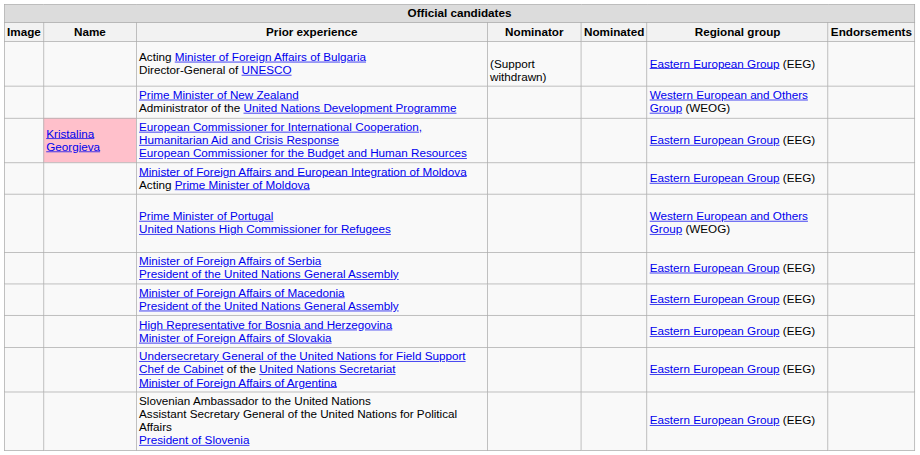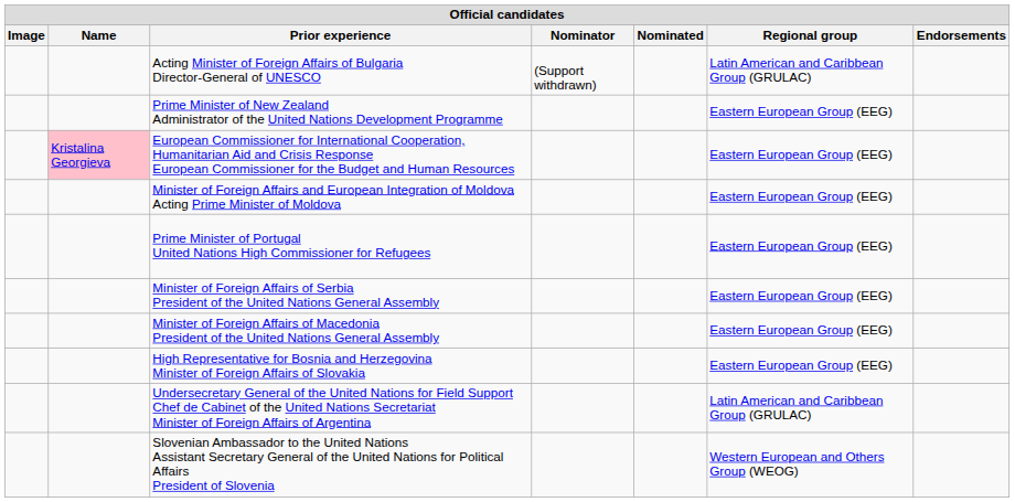 <table class="wikitable sortable">
 <tr>
 <th style="background:#DCDCDC;" colspan="7">Official candidates</th>
 </tr>
 <tr style="font-weight:bold;">
 <th class="unsortable">Image</th>
 <th>Name</th>
 <th>Prior experience</th>
 <th>Nominator</th>
 <th>Nominated</th>
 <th>Regional group</th>
 <th>Endorsements</th>
 </tr>
 <tr>
 <td></td>
 <td></td>
 <td>Acting <a href='#'>Minister of Foreign Affairs of Bulgaria</a> <br>Director-General of <a href='#'>UNESCO</a> </td>
 <td><br>(Support withdrawn)</td>
 <td></td>
-<td><a href='#'>Eastern European Group</a> (EEG)</td>
+<td><a href='#'>Latin American and Caribbean Group</a> (GRULAC)</td>
 <td></td>
 </tr>
 <tr>
 <td></td>
 <td></td>
 <td><a href='#'>Prime Minister of New Zealand</a> <br>Administrator of the <a href='#'>United Nations Development Programme</a> </td>
 <td></td>
 <td></td>
-<td><a href='#'>Western European and Others Group</a> (WEOG)</td>
+<td><a href='#'>Eastern European Group</a> (EEG)</td>
 <td></td>
 </tr>
 <tr>
 <td></td>
 <td style="background: pink;"><a href='#'>Kristalina Georgieva</a></td>
 <td><a href='#'>European Commissioner for International Cooperation, Humanitarian Aid and Crisis Response</a> <br><a href='#'>European Commissioner for the Budget and Human Resources</a> </td>
 <td></td>
 <td></td>
 <td><a href='#'>Eastern European Group</a> (EEG)</td>
 <td></td>
 </tr>
 <tr>
 <td></td>
 <td></td>
 <td><a href='#'>Minister of Foreign Affairs and European Integration of Moldova</a> <br>Acting <a href='#'>Prime Minister of Moldova</a> </td>
 <td></td>
 <td></td>
 <td><a href='#'>Eastern European Group</a> (EEG)</td>
 <td></td>
 </tr>
 <tr>
 <td></td>
 <td></td>
 <td><a href='#'>Prime Minister of Portugal</a> <br><a href='#'>United Nations High Commissioner for Refugees</a> </td>
 <td></td>
 <td></td>
-<td><a href='#'>Western European and Others Group</a> (WEOG)</td>
+<td><a href='#'>Eastern European Group</a> (EEG)</td>
 <td><br><br><br><br></td>
 </tr>
 <tr>
 <td></td>
 <td></td>
 <td><a href='#'>Minister of Foreign Affairs of Serbia</a> <br><a href='#'>President of the United Nations General Assembly</a> </td>
 <td></td>
 <td></td>
 <td><a href='#'>Eastern European Group</a> (EEG)</td>
 <td></td>
 </tr>
 <tr>
 <td></td>
 <td></td>
 <td><a href='#'>Minister of Foreign Affairs of Macedonia</a> <br><a href='#'>President of the United Nations General Assembly</a> </td>
 <td></td>
 <td></td>
 <td><a href='#'>Eastern European Group</a> (EEG)</td>
 <td></td>
 </tr>
 <tr>
 <td></td>
 <td></td>
 <td><a href='#'>High Representative for Bosnia and Herzegovina</a>  <br><a href='#'>Minister of Foreign Affairs of Slovakia</a> </td>
 <td></td>
 <td></td>
 <td><a href='#'>Eastern European Group</a> (EEG)</td>
 <td></td>
 </tr>
 <tr>
 <td></td>
 <td></td>
 <td><a href='#'>Undersecretary General of the United Nations for Field Support</a> <br><a href='#'>Chef de Cabinet</a> of the <a href='#'>United Nations Secretariat</a> <br><a href='#'>Minister of Foreign Affairs of Argentina</a> </td>
 <td></td>
 <td></td>
-<td><a href='#'>Eastern European Group</a> (EEG)</td>
+<td><a href='#'>Latin American and Caribbean Group</a> (GRULAC)</td>
 <td></td>
 </tr>
 <tr>
 <td></td>
 <td></td>
 <td>Slovenian Ambassador to the United Nations <br>Assistant Secretary General of the United Nations for Political Affairs <br><a href='#'>President of Slovenia</a> </td>
 <td></td>
 <td></td>
-<td><a href='#'>Eastern European Group</a> (EEG)</td>
+<td><a href='#'>Western European and Others Group</a> (WEOG)</td>
 <td></td>
 </tr>
 </table>
